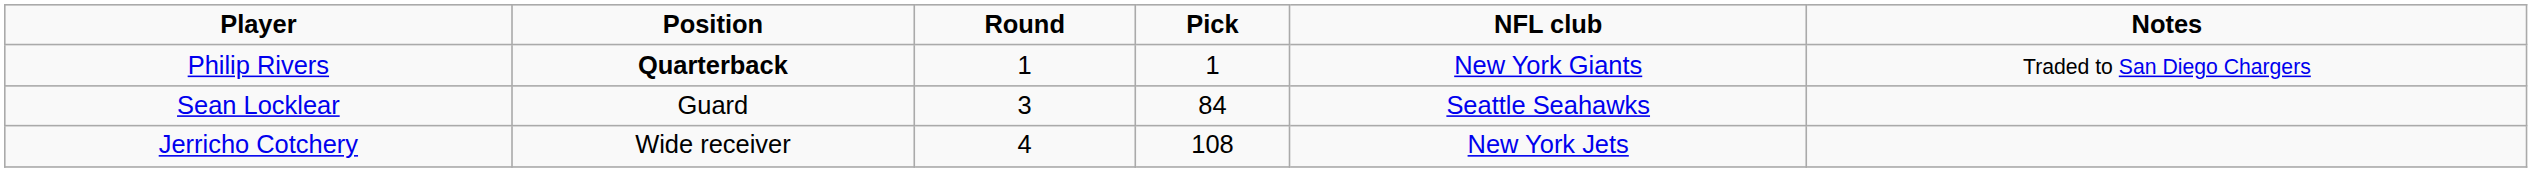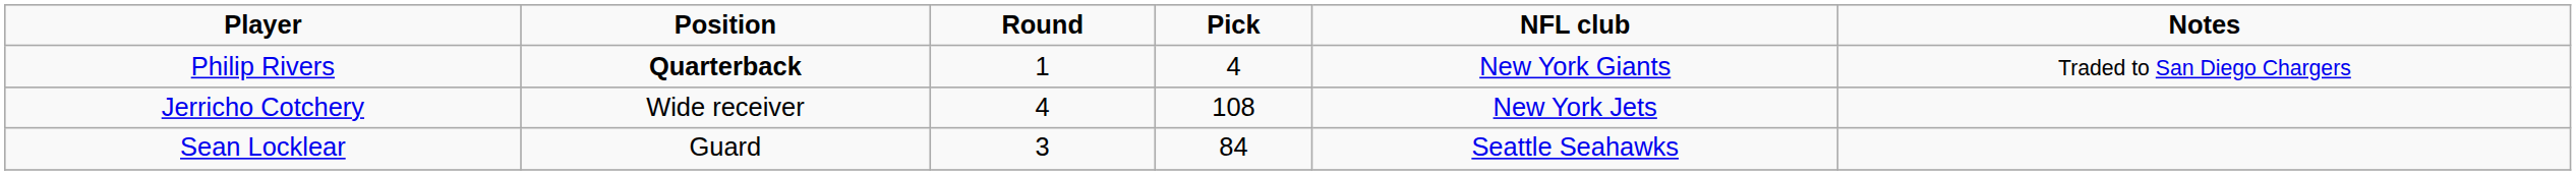 <table class="wikitable" width="80%">
 <tr align="center">
 <td><strong>Player</strong></td>
 <td><strong>Position</strong></td>
 <td><strong>Round</strong></td>
 <td><strong>Pick</strong></td>
 <td><strong>NFL club</strong></td>
 <td><strong>Notes</strong></td>
 </tr>
 <tr style="text-align:center;" bgcolor="">
 <td><a href='#'>Philip Rivers</a></td>
 <td><strong>Quarterback</strong></td>
 <td>1</td>
-<td>1</td>
+<td>4</td>
 <td><a href='#'>New York Giants</a></td>
 <td><small>Traded to <a href='#'>San Diego Chargers</a></small></td>
+</tr>
+<tr style="text-align:center;" bgcolor="">
+<td><a href='#'>Jerricho Cotchery</a></td>
+<td>Wide receiver</td>
+<td>4</td>
+<td>108</td>
+<td><a href='#'>New York Jets</a></td>
+<td> </td>
 </tr>
 <tr style="text-align:center;" bgcolor="">
 <td><a href='#'>Sean Locklear</a></td>
 <td>Guard</td>
 <td>3</td>
 <td>84</td>
 <td><a href='#'>Seattle Seahawks</a></td>
 <td> </td>
 </tr>
-<tr style="text-align:center;" bgcolor="">
-<td><a href='#'>Jerricho Cotchery</a></td>
-<td>Wide receiver</td>
-<td>4</td>
-<td>108</td>
-<td><a href='#'>New York Jets</a></td>
-<td> </td>
-</tr>
 </table>
